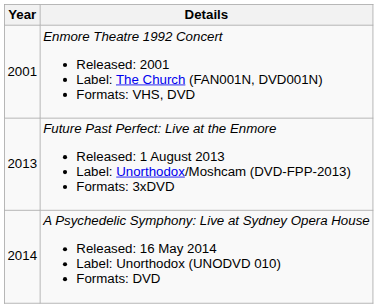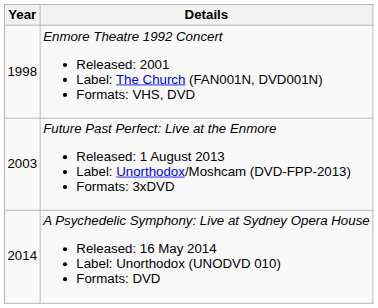 <table class="wikitable">
 <tr>
 <th>Year</th>
 <th>Details</th>
 </tr>
 <tr>
-<td style="text-align:center;">2001</td>
+<td style="text-align:center;">1998</td>
 <td><em>Enmore Theatre 1992 Concert</em><br><ul><li>Released: 2001</li><li>Label: <a href='#'>The Church</a> (FAN001N, DVD001N)</li><li>Formats: VHS, DVD</li></ul></td>
 </tr>
 <tr>
-<td style="text-align:center;">2013</td>
+<td style="text-align:center;">2003</td>
 <td><em>Future Past Perfect: Live at the Enmore</em><br><ul><li>Released: 1 August 2013</li><li>Label: <a href='#'>Unorthodox</a>/Moshcam (DVD-FPP-2013)</li><li>Formats: 3xDVD</li></ul></td>
 </tr>
 <tr>
 <td style="text-align:center;">2014</td>
 <td><em>A Psychedelic Symphony: Live at Sydney Opera House</em><br><ul><li>Released: 16 May 2014</li><li>Label: Unorthodox (UNODVD 010)</li><li>Formats: DVD</li></ul></td>
 </tr>
 </table>
